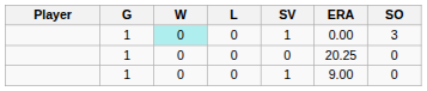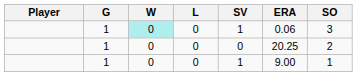 <table class="wikitable sortable">
 <tr>
 <th bgcolor="#DDDDFF" width="16%">Player</th>
 <th bgcolor="#DDDDFF" width="9%">G</th>
 <th bgcolor="#DDDDFF" width="9%">W</th>
 <th bgcolor="#DDDDFF" width="9%">L</th>
 <th bgcolor="#DDDDFF" width="9%">SV</th>
 <th bgcolor="#DDDDFF" width="9%">ERA</th>
 <th bgcolor="#DDDDFF" width="9%">SO</th>
 </tr>
 <tr align="center">
 <td></td>
 <td>1</td>
 <td style="background: paleturquoise;">0</td>
 <td>0</td>
 <td>1</td>
-<td>0.00</td>
+<td>0.06</td>
 <td>3</td>
 </tr>
 <tr align="center">
 <td></td>
 <td>1</td>
 <td>0</td>
 <td>0</td>
 <td>0</td>
 <td>20.25</td>
-<td>0</td>
+<td>2</td>
 </tr>
 <tr align="center">
 <td></td>
 <td>1</td>
 <td>0</td>
 <td>0</td>
 <td>1</td>
 <td>9.00</td>
-<td>0</td>
+<td>1</td>
 </tr>
 </table>
